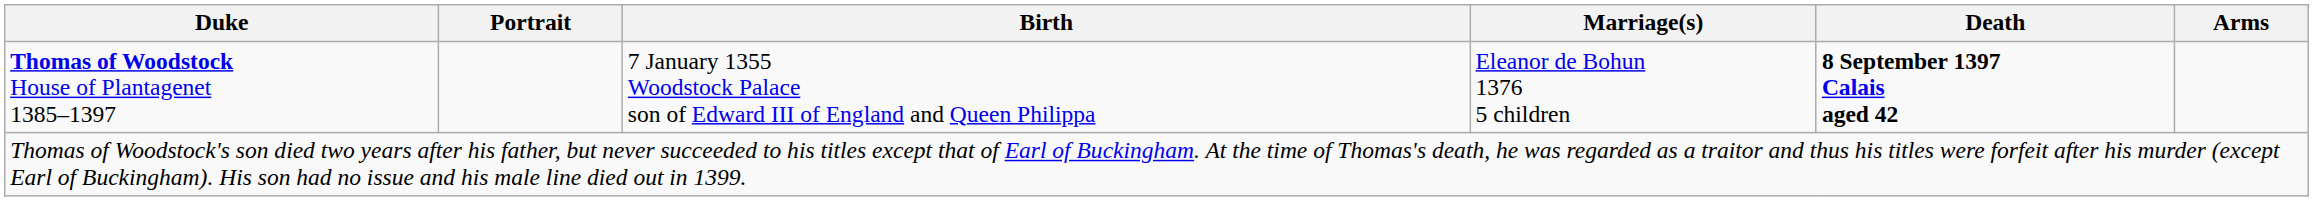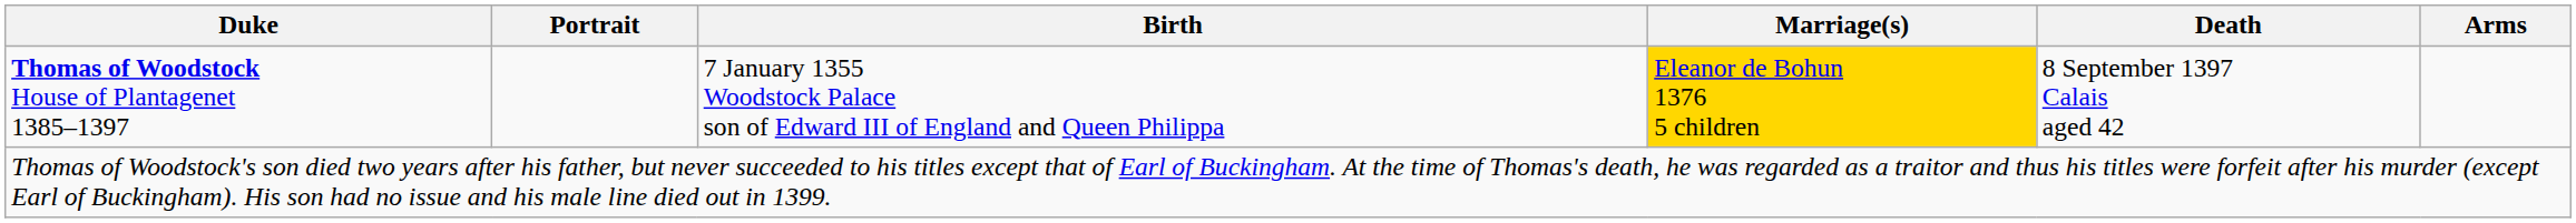 <table class="wikitable">
 <tr>
 <th>Duke</th>
 <th>Portrait</th>
 <th>Birth</th>
 <th>Marriage(s)</th>
 <th>Death</th>
 <th>Arms</th>
 </tr>
 <tr>
 <td><strong><a href='#'>Thomas of Woodstock</a></strong><br><a href='#'>House of Plantagenet</a><br>1385–1397<br><em></em></td>
 <td></td>
 <td>7 January 1355<br><a href='#'>Woodstock Palace</a><br>son of <a href='#'>Edward III of England</a> and <a href='#'>Queen Philippa</a></td>
-<td><a href='#'>Eleanor de Bohun</a><br>1376<br>5 children</td>
-<td><strong>8 September 1397<br><a href='#'>Calais</a><br>aged 42</strong></td>
+<td style="background: gold;"><a href='#'>Eleanor de Bohun</a><br>1376<br>5 children</td>
+<td>8 September 1397<br><a href='#'>Calais</a><br>aged 42</td>
 <td></td>
 </tr>
 <tr>
 <td colspan="6"><em>Thomas of Woodstock's son died two years after his father, but never succeeded to his titles except that of <a href='#'>Earl of Buckingham</a>. At the time of Thomas's death, he was regarded as a traitor and thus his titles were forfeit after his murder (except Earl of Buckingham). His son had no issue and his male line died out in 1399.</em></td>
 </tr>
 </table>
